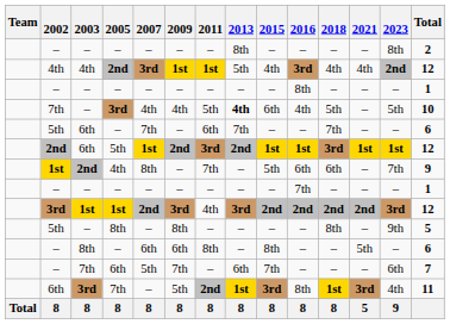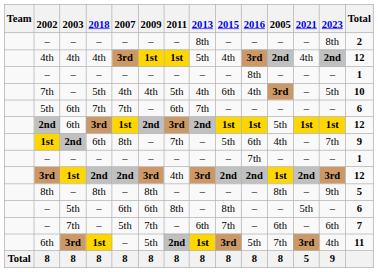 <table class="wikitable" style="text-align:center">
 <tr>
 <th>Team</th>
 <th><br>2002</th>
 <th><br>2003</th>
-<th><br>2005</th>
+<th><br><a href='#'>2018</a></th>
 <th><br>2007</th>
 <th><br>2009</th>
 <th><br>2011</th>
 <th><br><a href='#'>2013</a></th>
 <th><br><a href='#'>2015</a></th>
 <th><br><a href='#'>2016</a></th>
-<th><br><a href='#'>2018</a></th>
+<th><br>2005</th>
 <th><br><a href='#'>2021</a></th>
 <th><br><a href='#'>2023</a></th>
 <th>Total</th>
 </tr>
 <tr>
 <td align=left></td>
 <td>–</td>
 <td>–</td>
 <td>–</td>
 <td>–</td>
 <td>–</td>
 <td>–</td>
 <td>8th</td>
 <td>–</td>
 <td>–</td>
 <td>–</td>
 <td>–</td>
 <td>8th</td>
 <td><strong>2</strong></td>
 </tr>
 <tr>
 <td align=left></td>
 <td>4th</td>
 <td>4th</td>
-<td bgcolor=silver><strong>2nd</strong></td>
+<td>4th</td>
 <td bgcolor=cc9966><strong>3rd</strong></td>
 <td bgcolor=gold><strong>1st</strong></td>
 <td bgcolor=gold><strong>1st</strong></td>
 <td>5th</td>
 <td>4th</td>
 <td bgcolor=cc9966><strong>3rd</strong></td>
-<td>4th</td>
+<td bgcolor=silver><strong>2nd</strong></td>
 <td>4th</td>
 <td bgcolor=silver><strong>2nd</strong></td>
 <td><strong>12</strong></td>
 </tr>
 <tr>
 <td align=left></td>
 <td>–</td>
 <td>–</td>
 <td>–</td>
 <td>–</td>
 <td>–</td>
 <td>–</td>
 <td>–</td>
 <td>–</td>
 <td>8th</td>
 <td>–</td>
 <td>–</td>
 <td>–</td>
 <td><strong>1</strong></td>
 </tr>
 <tr>
 <td align=left></td>
 <td>7th</td>
 <td>–</td>
-<td bgcolor=cc9966><strong>3rd</strong></td>
+<td>5th</td>
 <td>4th</td>
 <td>4th</td>
 <td>5th</td>
-<td><strong>4th</strong></td>
+<td>4th</td>
 <td>6th</td>
 <td>4th</td>
-<td>5th</td>
+<td bgcolor=cc9966><strong>3rd</strong></td>
 <td>–</td>
 <td>5th</td>
 <td><strong>10</strong></td>
 </tr>
 <tr>
 <td align=left></td>
 <td>5th</td>
 <td>6th</td>
-<td>–</td>
+<td>7th</td>
 <td>7th</td>
 <td>–</td>
 <td>6th</td>
 <td>7th</td>
 <td>–</td>
 <td>–</td>
-<td>7th</td>
+<td>–</td>
 <td>–</td>
 <td>–</td>
 <td><strong>6</strong></td>
 </tr>
 <tr>
 <td align=left></td>
 <td bgcolor=silver><strong>2nd</strong></td>
 <td>6th</td>
-<td>5th</td>
+<td bgcolor=cc9966><strong>3rd</strong></td>
 <td bgcolor=gold><strong>1st</strong></td>
 <td bgcolor=silver><strong>2nd</strong></td>
 <td bgcolor=cc9966><strong>3rd</strong></td>
 <td bgcolor=silver><strong>2nd</strong></td>
 <td bgcolor=gold><strong>1st</strong></td>
 <td bgcolor=gold><strong>1st</strong></td>
-<td bgcolor=cc9966><strong>3rd</strong></td>
+<td>5th</td>
 <td bgcolor=gold><strong>1st</strong></td>
 <td bgcolor=gold><strong>1st</strong></td>
 <td><strong>12</strong></td>
 </tr>
 <tr>
 <td align=left></td>
 <td bgcolor=gold><strong>1st</strong></td>
 <td bgcolor=silver><strong>2nd</strong></td>
-<td>4th</td>
+<td>6th</td>
 <td>8th</td>
 <td>–</td>
 <td>7th</td>
 <td>–</td>
 <td>5th</td>
 <td>6th</td>
-<td>6th</td>
+<td>4th</td>
 <td>–</td>
 <td>7th</td>
 <td><strong>9</strong></td>
 </tr>
 <tr>
 <td align=left></td>
 <td>–</td>
 <td>–</td>
 <td>–</td>
 <td>–</td>
 <td>–</td>
 <td>–</td>
 <td>–</td>
 <td>–</td>
 <td>7th</td>
 <td>–</td>
 <td>–</td>
 <td>–</td>
 <td><strong>1</strong></td>
 </tr>
 <tr>
 <td align=left></td>
 <td bgcolor=cc9966><strong>3rd</strong></td>
 <td bgcolor=gold><strong>1st</strong></td>
-<td bgcolor=gold><strong>1st</strong></td>
+<td bgcolor=silver><strong>2nd</strong></td>
 <td bgcolor=silver><strong>2nd</strong></td>
 <td bgcolor=cc9966><strong>3rd</strong></td>
 <td>4th</td>
 <td bgcolor=cc9966><strong>3rd</strong></td>
 <td bgcolor=silver><strong>2nd</strong></td>
 <td bgcolor=silver><strong>2nd</strong></td>
-<td bgcolor=silver><strong>2nd</strong></td>
+<td bgcolor=gold><strong>1st</strong></td>
 <td bgcolor=silver><strong>2nd</strong></td>
 <td bgcolor=cc9966><strong>3rd</strong></td>
 <td><strong>12</strong></td>
 </tr>
 <tr>
 <td align=left></td>
-<td>5th</td>
+<td>8th</td>
 <td>–</td>
 <td>8th</td>
 <td>–</td>
 <td>8th</td>
 <td>–</td>
 <td>–</td>
 <td>–</td>
 <td>–</td>
 <td>8th</td>
 <td>–</td>
 <td>9th</td>
 <td><strong>5</strong></td>
 </tr>
 <tr>
 <td align=left></td>
 <td>–</td>
-<td>8th</td>
+<td>5th</td>
 <td>–</td>
 <td>6th</td>
 <td>6th</td>
 <td>8th</td>
 <td>–</td>
 <td>8th</td>
 <td>–</td>
 <td>–</td>
 <td>5th</td>
 <td>–</td>
 <td><strong>6</strong></td>
 </tr>
 <tr>
 <td align=left></td>
 <td>–</td>
 <td>7th</td>
-<td>6th</td>
+<td>–</td>
 <td>5th</td>
 <td>7th</td>
 <td>–</td>
 <td>6th</td>
 <td>7th</td>
 <td>–</td>
-<td>–</td>
+<td>6th</td>
 <td>–</td>
 <td>6th</td>
 <td><strong>7</strong></td>
 </tr>
 <tr>
 <td align=left></td>
 <td>6th</td>
 <td bgcolor=cc9966><strong>3rd</strong></td>
-<td>7th</td>
+<td bgcolor=gold><strong>1st</strong></td>
 <td>–</td>
 <td>5th</td>
 <td bgcolor=silver><strong>2nd</strong></td>
 <td bgcolor=gold><strong>1st</strong></td>
 <td bgcolor=cc9966><strong>3rd</strong></td>
-<td>8th</td>
-<td bgcolor=gold><strong>1st</strong></td>
+<td>5th</td>
+<td>7th</td>
 <td bgcolor=cc9966><strong>3rd</strong></td>
 <td>4th</td>
 <td><strong>11</strong></td>
 </tr>
 <tr>
 <th>Total</th>
 <th>8</th>
 <th>8</th>
 <th>8</th>
 <th>8</th>
 <th>8</th>
 <th>8</th>
 <th>8</th>
 <th>8</th>
 <th>8</th>
 <th>8</th>
 <th>5</th>
 <th>9</th>
 <th></th>
 </tr>
 </table>
